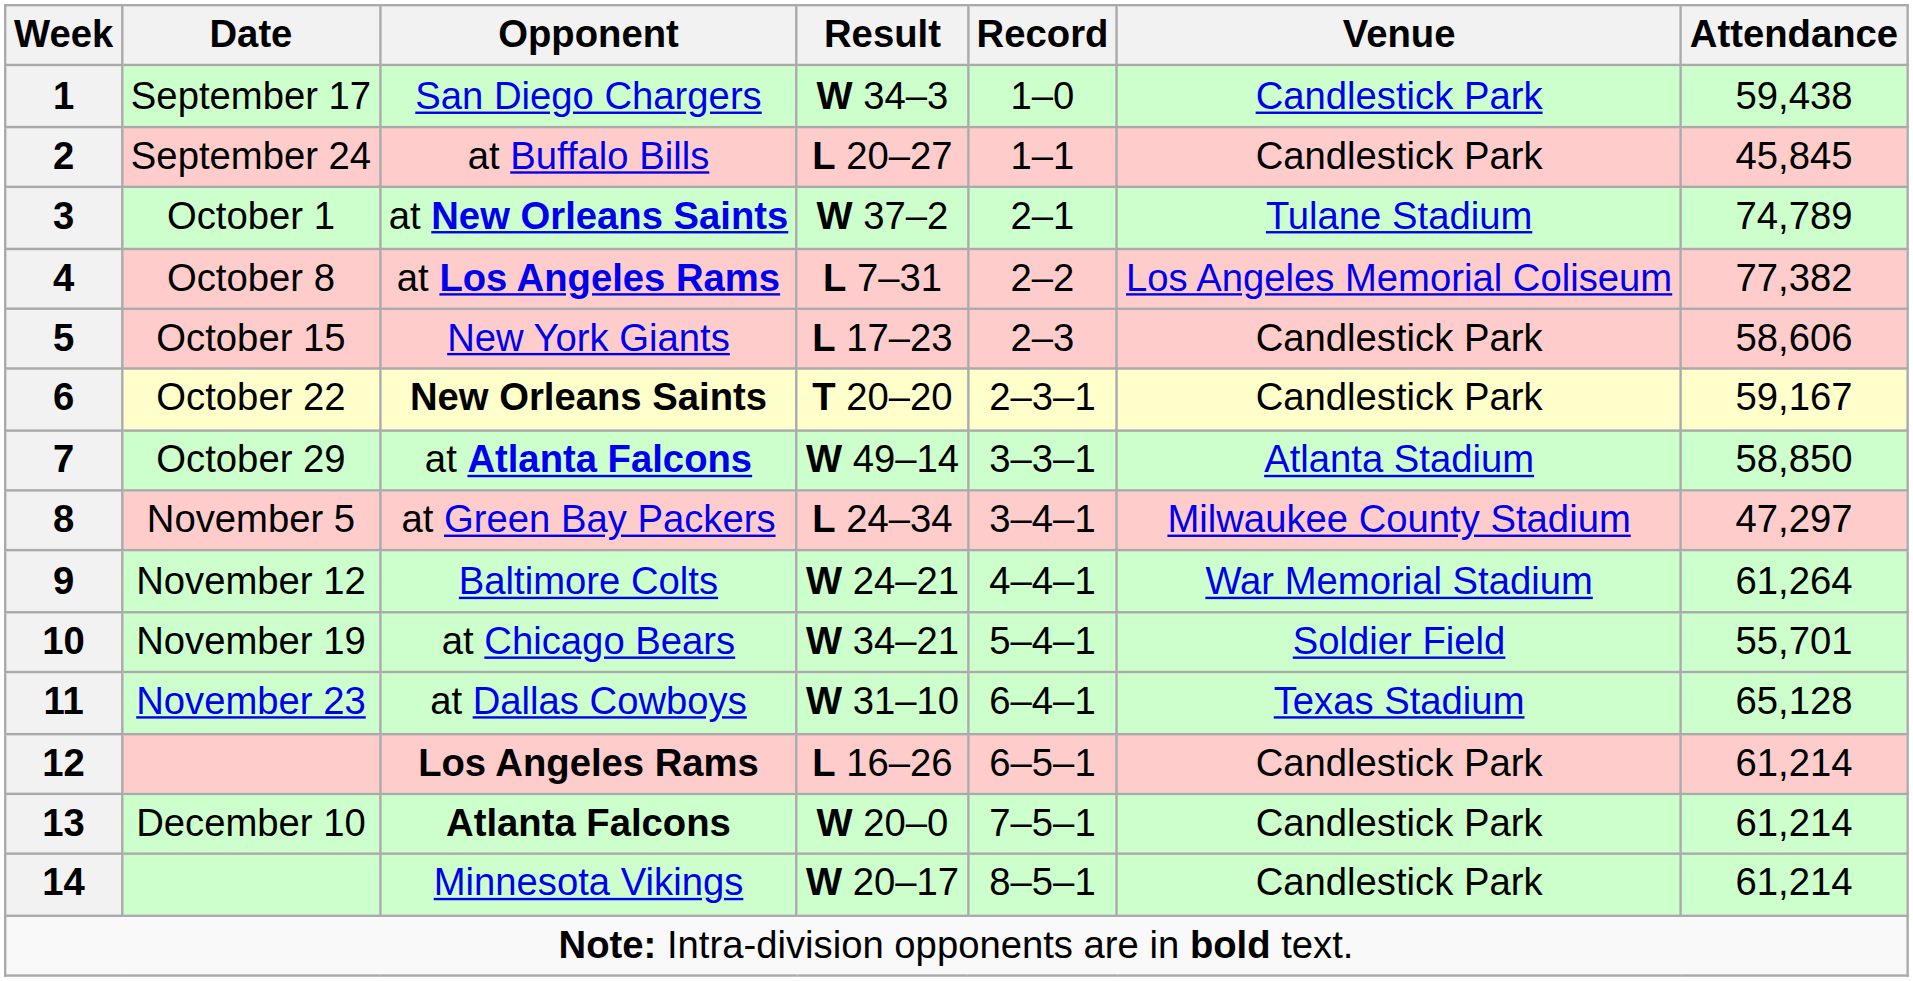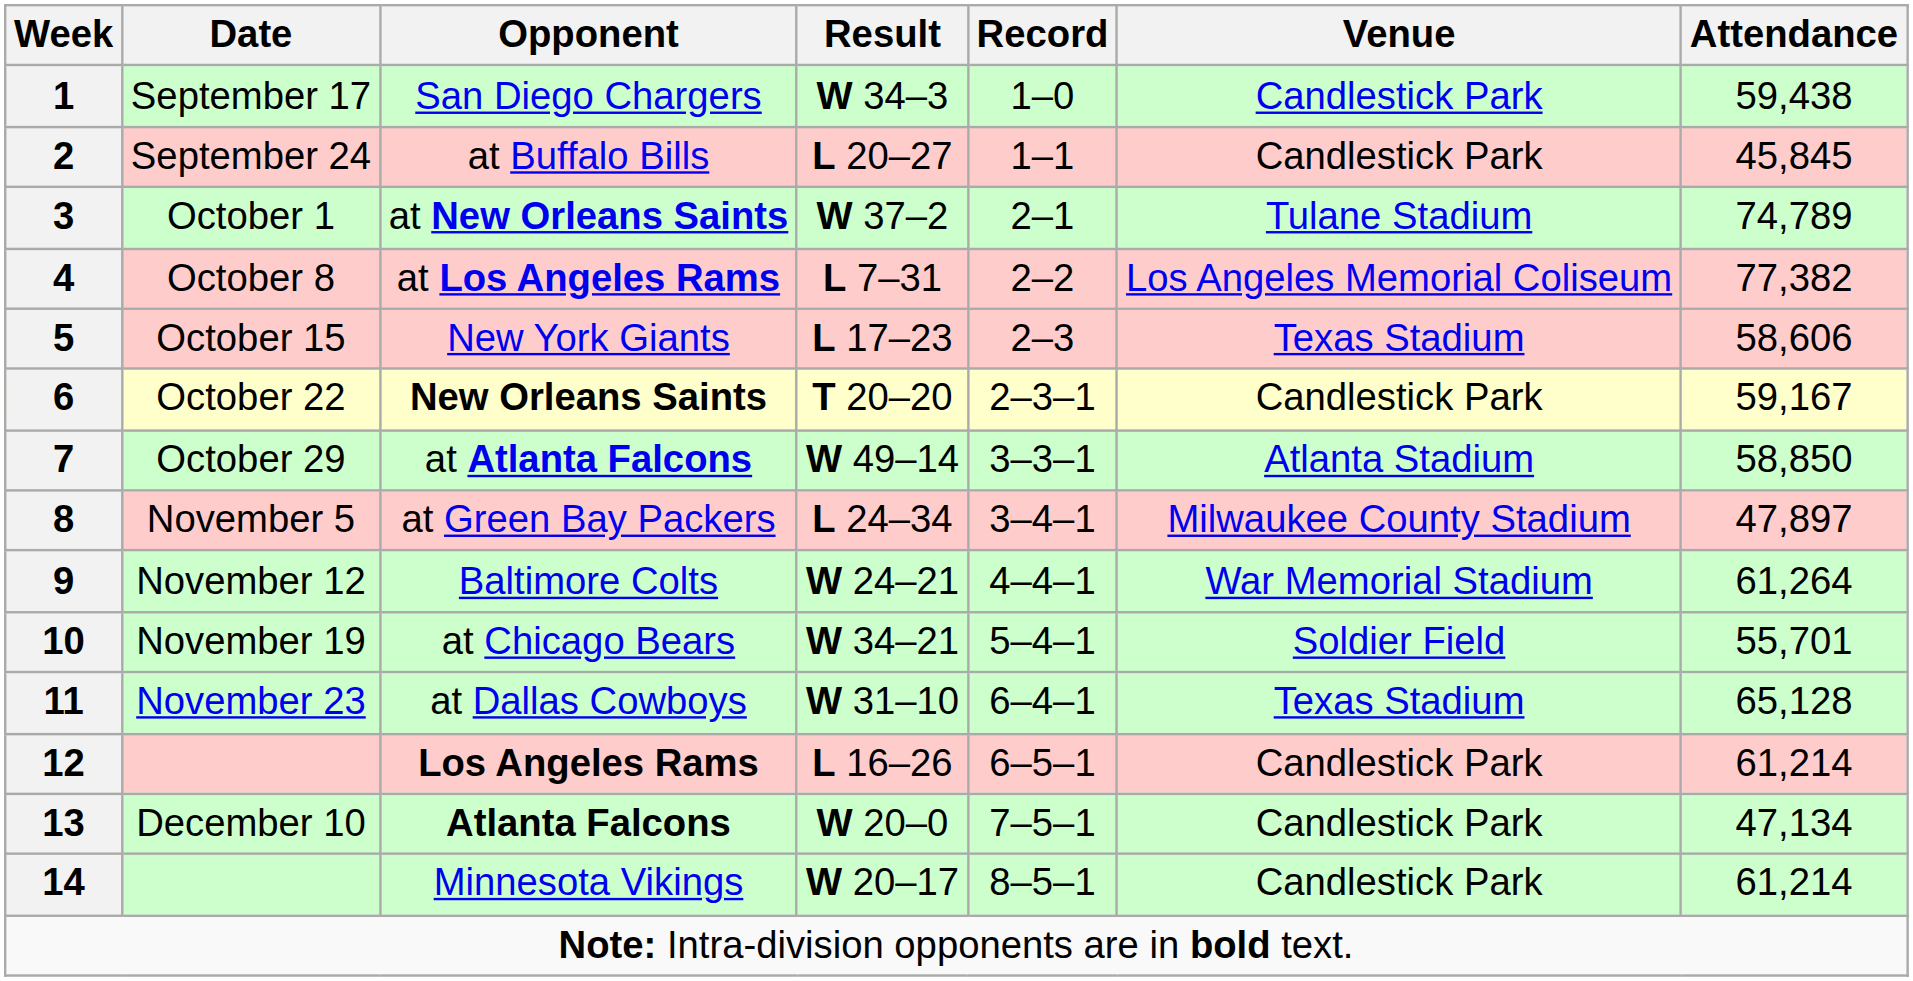 <table class="wikitable" style="text-align:center">
 <tr>
 <th>Week</th>
 <th>Date</th>
 <th>Opponent</th>
 <th>Result</th>
 <th>Record</th>
 <th>Venue</th>
 <th>Attendance</th>
 </tr>
 <tr style="background:#cfc">
 <th>1</th>
 <td>September 17</td>
 <td><a href='#'>San Diego Chargers</a></td>
 <td><strong>W</strong> 34–3</td>
 <td>1–0</td>
 <td><a href='#'>Candlestick Park</a></td>
 <td>59,438</td>
 </tr>
 <tr style="background:#fcc">
 <th>2</th>
 <td>September 24</td>
 <td>at <a href='#'>Buffalo Bills</a></td>
 <td><strong>L</strong> 20–27</td>
 <td>1–1</td>
 <td>Candlestick Park</td>
 <td>45,845</td>
 </tr>
 <tr style="background:#cfc">
 <th>3</th>
 <td>October 1</td>
 <td>at <strong><a href='#'>New Orleans Saints</a></strong></td>
 <td><strong>W</strong> 37–2</td>
 <td>2–1</td>
 <td><a href='#'>Tulane Stadium</a></td>
 <td>74,789</td>
 </tr>
 <tr style="background:#fcc">
 <th>4</th>
 <td>October 8</td>
 <td>at <strong><a href='#'>Los Angeles Rams</a></strong></td>
 <td><strong>L</strong> 7–31</td>
 <td>2–2</td>
 <td><a href='#'>Los Angeles Memorial Coliseum</a></td>
 <td>77,382</td>
 </tr>
 <tr style="background:#fcc">
 <th>5</th>
 <td>October 15</td>
 <td><a href='#'>New York Giants</a></td>
 <td><strong>L</strong> 17–23</td>
 <td>2–3</td>
-<td>Candlestick Park</td>
+<td><a href='#'>Texas Stadium</a></td>
 <td>58,606</td>
 </tr>
 <tr style="background:#ffc">
 <th>6</th>
 <td>October 22</td>
 <td><strong>New Orleans Saints</strong></td>
 <td><strong>T</strong> 20–20</td>
 <td>2–3–1</td>
 <td>Candlestick Park</td>
 <td>59,167</td>
 </tr>
 <tr style="background:#cfc">
 <th>7</th>
 <td>October 29</td>
 <td>at <strong><a href='#'>Atlanta Falcons</a></strong></td>
 <td><strong>W</strong> 49–14</td>
 <td>3–3–1</td>
 <td><a href='#'>Atlanta Stadium</a></td>
 <td>58,850</td>
 </tr>
 <tr style="background:#fcc">
 <th>8</th>
 <td>November 5</td>
 <td>at <a href='#'>Green Bay Packers</a></td>
 <td><strong>L</strong> 24–34</td>
 <td>3–4–1</td>
 <td><a href='#'>Milwaukee County Stadium</a></td>
-<td>47,297</td>
+<td>47,897</td>
 </tr>
 <tr style="background:#cfc">
 <th>9</th>
 <td>November 12</td>
 <td><a href='#'>Baltimore Colts</a></td>
 <td><strong>W</strong> 24–21</td>
 <td>4–4–1</td>
 <td><a href='#'>War Memorial Stadium</a></td>
 <td>61,264</td>
 </tr>
 <tr style="background:#cfc">
 <th>10</th>
 <td>November 19</td>
 <td>at <a href='#'>Chicago Bears</a></td>
 <td><strong>W</strong> 34–21</td>
 <td>5–4–1</td>
 <td><a href='#'>Soldier Field</a></td>
 <td>55,701</td>
 </tr>
 <tr style="background:#cfc">
 <th>11</th>
 <td><a href='#'>November 23</a></td>
 <td>at <a href='#'>Dallas Cowboys</a></td>
 <td><strong>W</strong> 31–10</td>
 <td>6–4–1</td>
 <td><a href='#'>Texas Stadium</a></td>
 <td>65,128</td>
 </tr>
 <tr style="background:#fcc">
 <th>12</th>
 <td></td>
 <td><strong>Los Angeles Rams</strong></td>
 <td><strong>L</strong> 16–26</td>
 <td>6–5–1</td>
 <td>Candlestick Park</td>
 <td>61,214</td>
 </tr>
 <tr style="background:#cfc">
 <th>13</th>
 <td>December 10</td>
 <td><strong>Atlanta Falcons</strong></td>
 <td><strong>W</strong> 20–0</td>
 <td>7–5–1</td>
 <td>Candlestick Park</td>
-<td>61,214</td>
+<td>47,134</td>
 </tr>
 <tr style="background:#cfc">
 <th>14</th>
 <td></td>
 <td><a href='#'>Minnesota Vikings</a></td>
 <td><strong>W</strong> 20–17</td>
 <td>8–5–1</td>
 <td>Candlestick Park</td>
 <td>61,214</td>
 </tr>
 <tr>
 <td colspan="8"><strong>Note:</strong> Intra-division opponents are in <strong>bold</strong> text.</td>
 </tr>
 </table>
